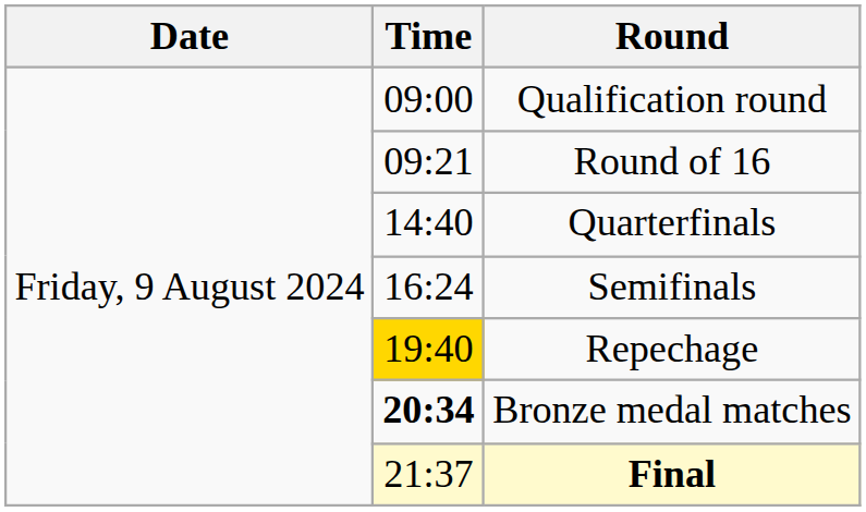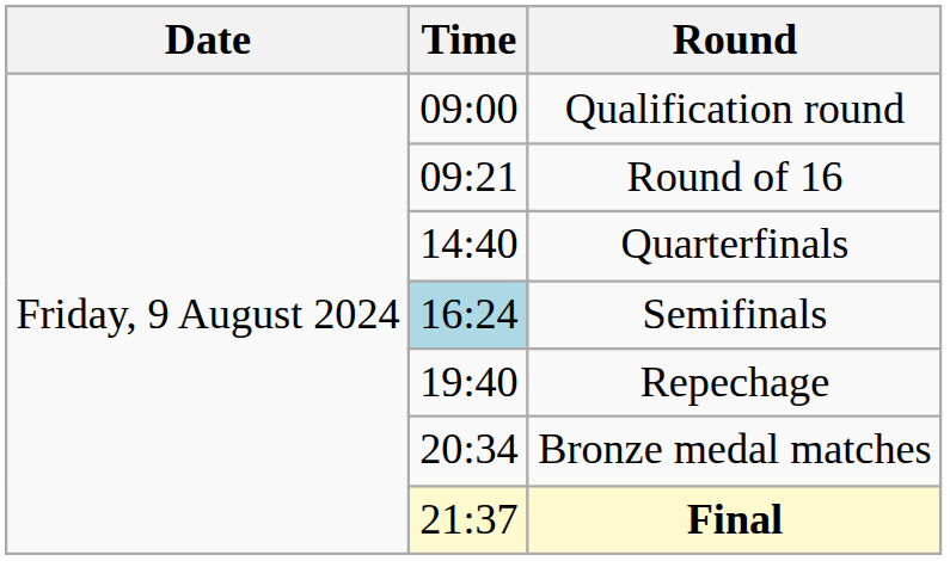 <table class="wikitable" style="text-align:center">
 <tr>
 <th>Date</th>
 <th>Time</th>
 <th>Round</th>
 </tr>
 <tr>
 <td rowspan=7>Friday, 9 August 2024</td>
 <td>09:00</td>
 <td>Qualification round</td>
 </tr>
 <tr>
 <td>09:21</td>
 <td>Round of 16</td>
 </tr>
 <tr>
 <td>14:40</td>
 <td>Quarterfinals</td>
 </tr>
 <tr>
-<td>16:24</td>
+<td style="background: lightblue;">16:24</td>
 <td>Semifinals</td>
 </tr>
 <tr>
-<td style="background: gold;">19:40</td>
+<td>19:40</td>
 <td>Repechage</td>
 </tr>
 <tr>
-<td><strong>20:34</strong></td>
+<td>20:34</td>
 <td>Bronze medal matches</td>
 </tr>
 <tr style=background:lemonchiffon>
 <td>21:37</td>
 <td><strong>Final</strong></td>
 </tr>
 </table>
